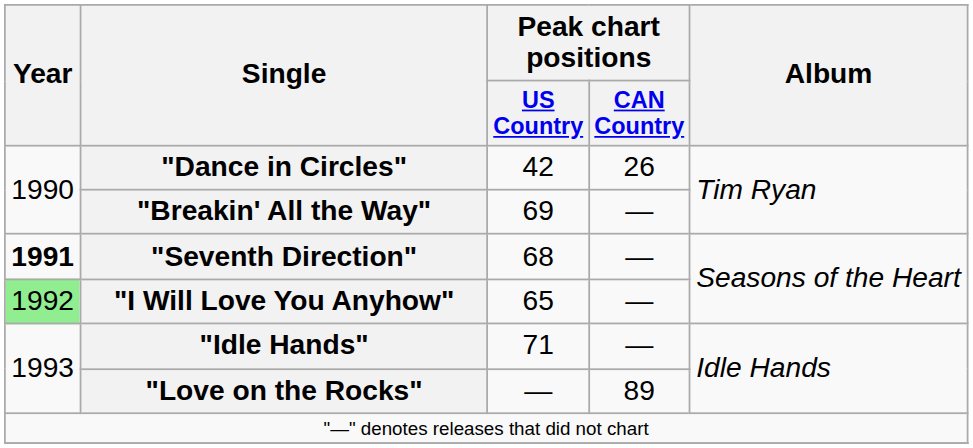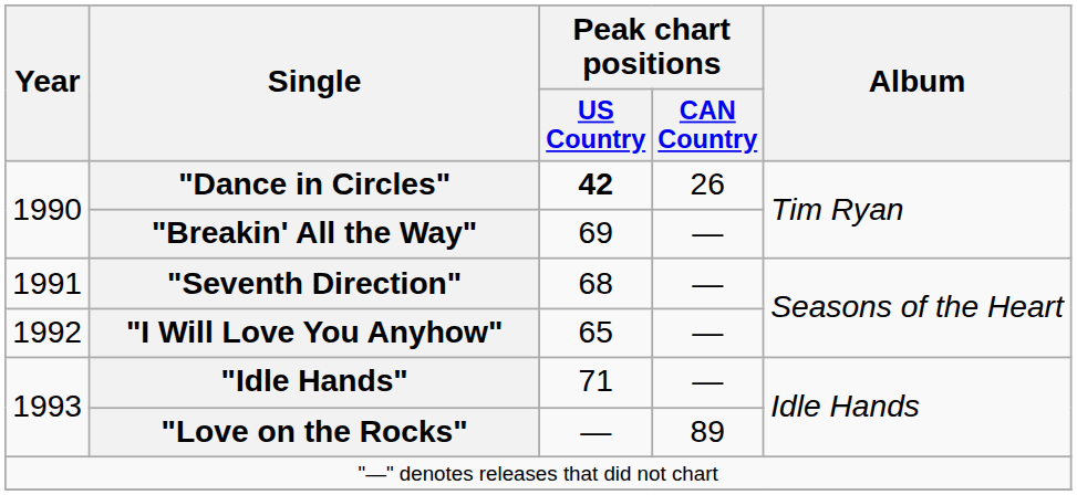 <table class="wikitable plainrowheaders" style="text-align:center;">
 <tr>
 <th rowspan="2">Year</th>
 <th rowspan="2" style="width:14em;">Single</th>
 <th colspan="2">Peak chart<br>positions</th>
 <th rowspan="2">Album</th>
 </tr>
 <tr style="font-size:smaller;">
 <th width="45"><a href='#'>US Country</a></th>
 <th width="45"><a href='#'>CAN Country</a></th>
 </tr>
 <tr>
 <td rowspan="2">1990</td>
 <th scope="row">"Dance in Circles"</th>
-<td>42</td>
+<td><strong>42</strong></td>
 <td>26</td>
 <td align="left" rowspan="2"><em>Tim Ryan</em></td>
 </tr>
 <tr>
 <th scope="row">"Breakin' All the Way"</th>
 <td>69</td>
 <td>—</td>
 </tr>
 <tr>
-<td><strong>1991</strong></td>
+<td>1991</td>
 <th scope="row">"Seventh Direction"</th>
 <td>68</td>
 <td>—</td>
 <td align="left" rowspan="2"><em>Seasons of the Heart</em></td>
 </tr>
 <tr>
-<td style="background: lightgreen;">1992</td>
+<td>1992</td>
 <th scope="row">"I Will Love You Anyhow"</th>
 <td>65</td>
 <td>—</td>
 </tr>
 <tr>
 <td rowspan="2">1993</td>
 <th scope="row">"Idle Hands"</th>
 <td>71</td>
 <td>—</td>
 <td align="left" rowspan="2"><em>Idle Hands</em></td>
 </tr>
 <tr>
 <th scope="row">"Love on the Rocks"</th>
 <td>—</td>
 <td>89</td>
 </tr>
 <tr>
 <td colspan="5" style="font-size:8pt">"—" denotes releases that did not chart</td>
 </tr>
 <tr>
 </tr>
 </table>
